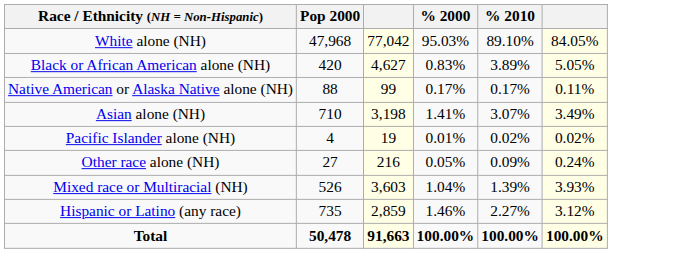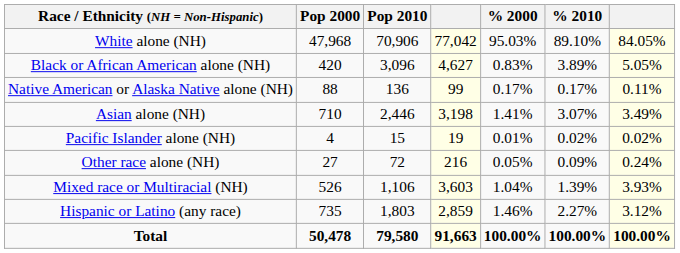 <table class="wikitable" style="text-align:center;">
 <tr>
 <th>Race / Ethnicity <small>(<em>NH = Non-Hispanic</em>)</small></th>
 <th>Pop 2000</th>
+<th>Pop 2010</th>
 <th></th>
 <th>% 2000</th>
 <th>% 2010</th>
 <th></th>
 </tr>
 <tr>
 <td><a href='#'>White</a> alone (NH)</td>
 <td>47,968</td>
+<td>70,906</td>
 <td style='background: #ffffe6;'>77,042</td>
 <td>95.03%</td>
 <td>89.10%</td>
 <td style='background: #ffffe6;'>84.05%</td>
 </tr>
 <tr>
 <td><a href='#'>Black or African American</a> alone (NH)</td>
 <td>420</td>
+<td>3,096</td>
 <td style='background: #ffffe6;'>4,627</td>
 <td>0.83%</td>
 <td>3.89%</td>
 <td style='background: #ffffe6;'>5.05%</td>
 </tr>
 <tr>
 <td><a href='#'>Native American</a> or <a href='#'>Alaska Native</a> alone (NH)</td>
 <td>88</td>
+<td>136</td>
 <td style='background: #ffffe6;'>99</td>
 <td>0.17%</td>
 <td>0.17%</td>
 <td style='background: #ffffe6;'>0.11%</td>
 </tr>
 <tr>
 <td><a href='#'>Asian</a> alone (NH)</td>
 <td>710</td>
+<td>2,446</td>
 <td style='background: #ffffe6;'>3,198</td>
 <td>1.41%</td>
 <td>3.07%</td>
 <td style='background: #ffffe6;'>3.49%</td>
 </tr>
 <tr>
 <td><a href='#'>Pacific Islander</a> alone (NH)</td>
 <td>4</td>
+<td>15</td>
 <td style='background: #ffffe6;'>19</td>
 <td>0.01%</td>
 <td>0.02%</td>
 <td style='background: #ffffe6;'>0.02%</td>
 </tr>
 <tr>
 <td><a href='#'>Other race</a> alone (NH)</td>
 <td>27</td>
+<td>72</td>
 <td style='background: #ffffe6;'>216</td>
 <td>0.05%</td>
 <td>0.09%</td>
 <td style='background: #ffffe6;'>0.24%</td>
 </tr>
 <tr>
 <td><a href='#'>Mixed race or Multiracial</a> (NH)</td>
 <td>526</td>
+<td>1,106</td>
 <td style='background: #ffffe6;'>3,603</td>
 <td>1.04%</td>
 <td>1.39%</td>
 <td style='background: #ffffe6;'>3.93%</td>
 </tr>
 <tr>
 <td><a href='#'>Hispanic or Latino</a> (any race)</td>
 <td>735</td>
+<td>1,803</td>
 <td style='background: #ffffe6;'>2,859</td>
 <td>1.46%</td>
 <td>2.27%</td>
 <td style='background: #ffffe6;'>3.12%</td>
 </tr>
 <tr>
 <td><strong>Total</strong></td>
 <td><strong>50,478</strong></td>
+<td><strong>79,580</strong></td>
 <td style='background: #ffffe6;'><strong>91,663</strong></td>
 <td><strong>100.00%</strong></td>
 <td><strong>100.00%</strong></td>
 <td style='background: #ffffe6;'><strong>100.00%</strong></td>
 </tr>
 </table>
